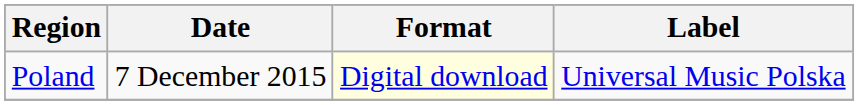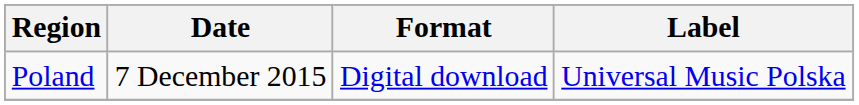 <table class=wikitable>
 <tr>
 <th>Region</th>
 <th>Date</th>
 <th>Format</th>
 <th>Label</th>
 </tr>
 <tr>
 <td><a href='#'>Poland</a></td>
 <td>7 December 2015</td>
-<td style="background: lightyellow;"><a href='#'>Digital download</a></td>
+<td><a href='#'>Digital download</a></td>
 <td><a href='#'>Universal Music Polska</a></td>
 </tr>
 <tr>
 </tr>
 </table>
